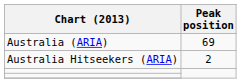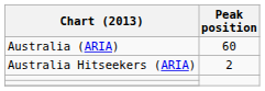 <table class="wikitable sortable">
 <tr>
 <th>Chart (2013)</th>
 <th>Peak<br>position</th>
 </tr>
 <tr>
 <td>Australia (<a href='#'>ARIA</a>)</td>
-<td align="center">69</td>
+<td align="center">60</td>
 </tr>
 <tr>
 <td>Australia Hitseekers (<a href='#'>ARIA</a>)</td>
 <td align="center">2</td>
 </tr>
 <tr>
 <td></td>
 </tr>
 <tr>
 <td></td>
 </tr>
 <tr>
 </tr>
 </table>
